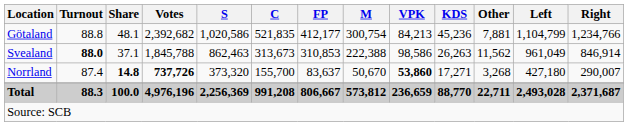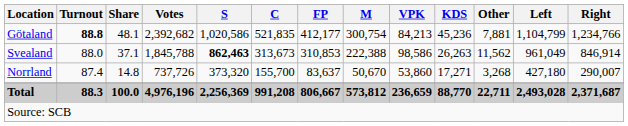 <table class="wikitable sortable" style=text-align:right>
 <tr>
 <th>Location</th>
 <th>Turnout</th>
 <th>Share</th>
 <th>Votes</th>
 <th><a href='#'>S</a></th>
 <th><a href='#'>C</a></th>
 <th><a href='#'>FP</a></th>
 <th><a href='#'>M</a></th>
 <th><a href='#'>VPK</a></th>
 <th><a href='#'>KDS</a></th>
 <th>Other</th>
 <th>Left</th>
 <th>Right</th>
 </tr>
 <tr>
 <td align=left><a href='#'>Götaland</a></td>
-<td>88.8</td>
+<td><strong>88.8</strong></td>
 <td>48.1</td>
 <td>2,392,682</td>
 <td>1,020,586</td>
 <td>521,835</td>
 <td>412,177</td>
 <td>300,754</td>
 <td>84,213</td>
 <td>45,236</td>
 <td>7,881</td>
 <td>1,104,799</td>
 <td>1,234,766</td>
 </tr>
 <tr>
 <td align=left><a href='#'>Svealand</a></td>
-<td><strong>88.0</strong></td>
+<td>88.0</td>
 <td>37.1</td>
 <td>1,845,788</td>
-<td>862,463</td>
+<td><strong>862,463</strong></td>
 <td>313,673</td>
 <td>310,853</td>
 <td>222,388</td>
 <td>98,586</td>
 <td>26,263</td>
 <td>11,562</td>
 <td>961,049</td>
 <td>846,914</td>
 </tr>
 <tr>
 <td align=left><a href='#'>Norrland</a></td>
 <td>87.4</td>
-<td><strong>14.8</strong></td>
-<td><strong>737,726</strong></td>
+<td>14.8</td>
+<td>737,726</td>
 <td>373,320</td>
 <td>155,700</td>
 <td>83,637</td>
 <td>50,670</td>
-<td><strong>53,860</strong></td>
+<td>53,860</td>
 <td>17,271</td>
 <td>3,268</td>
 <td>427,180</td>
 <td>290,007</td>
 </tr>
 <tr>
 </tr>
 <tr style="background:#CDCDCD;">
 <td align=left><strong>Total</strong></td>
 <td><strong>88.3</strong></td>
 <td><strong>100.0</strong></td>
 <td><strong>4,976,196</strong></td>
 <td><strong>2,256,369</strong></td>
 <td><strong>991,208</strong></td>
 <td><strong>806,667</strong></td>
 <td><strong>573,812</strong></td>
 <td><strong>236,659</strong></td>
 <td><strong>88,770</strong></td>
 <td><strong>22,711</strong></td>
 <td><strong>2,493,028</strong></td>
 <td><strong>2,371,687</strong></td>
 </tr>
 <tr>
 <td align=left colspan=13>Source: SCB </td>
 </tr>
 </table>
